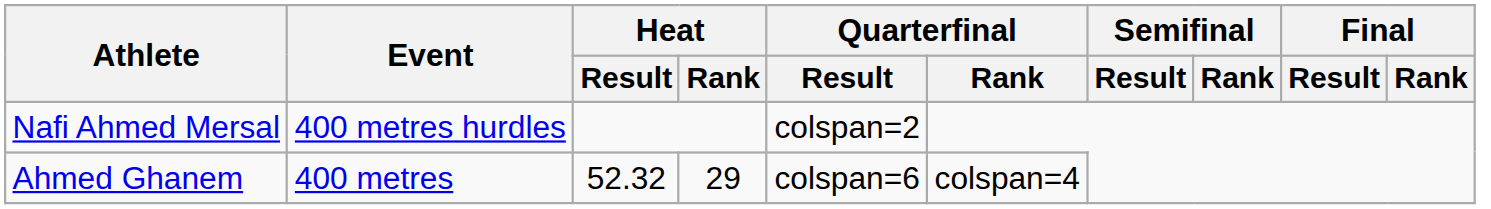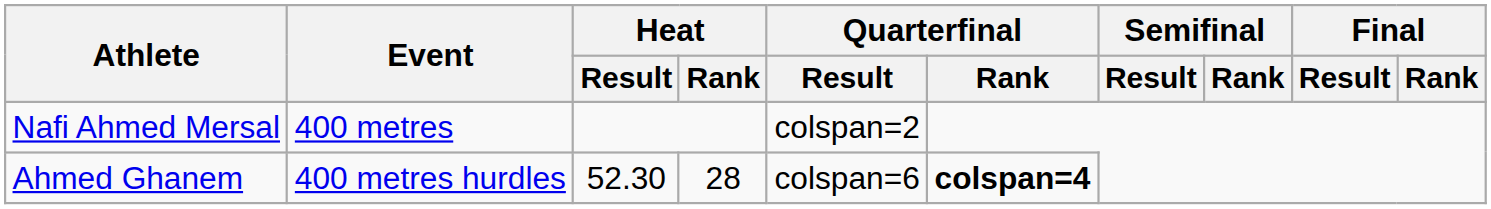 <table class=wikitable style=font-size:90%>
 <tr>
 <th rowspan=2>Athlete</th>
 <th rowspan=2>Event</th>
 <th colspan=2>Heat</th>
 <th colspan=2>Quarterfinal</th>
 <th colspan=2>Semifinal</th>
 <th colspan=2>Final</th>
 </tr>
 <tr style=font-size:95%>
 <th>Result</th>
 <th>Rank</th>
 <th>Result</th>
 <th>Rank</th>
 <th>Result</th>
 <th>Rank</th>
 <th>Result</th>
 <th>Rank</th>
 </tr>
 <tr align=center>
 <td align=left><a href='#'>Nafi Ahmed Mersal</a></td>
-<td align=left><a href='#'>400 metres hurdles</a></td>
+<td align=left><a href='#'>400 metres</a></td>
 <td colspan=2></td>
 <td>colspan=2 </td>
 </tr>
 <tr align=center>
 <td align=left><a href='#'>Ahmed Ghanem</a></td>
-<td align=left><a href='#'>400 metres</a></td>
-<td>52.32</td>
-<td>29</td>
+<td align=left><a href='#'>400 metres hurdles</a></td>
+<td>52.30</td>
+<td>28</td>
 <td>colspan=6 </td>
-<td>colspan=4 </td>
+<td><strong>colspan=4 </strong></td>
 </tr>
 </table>
